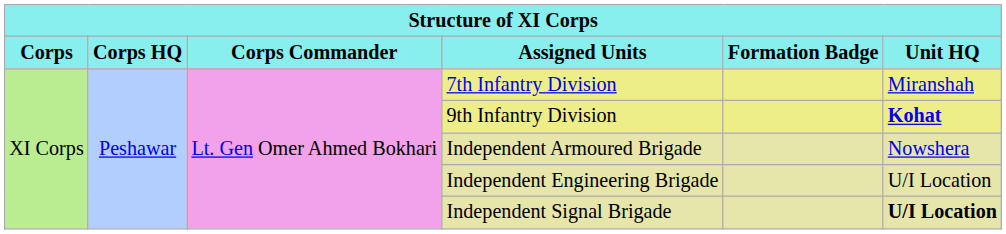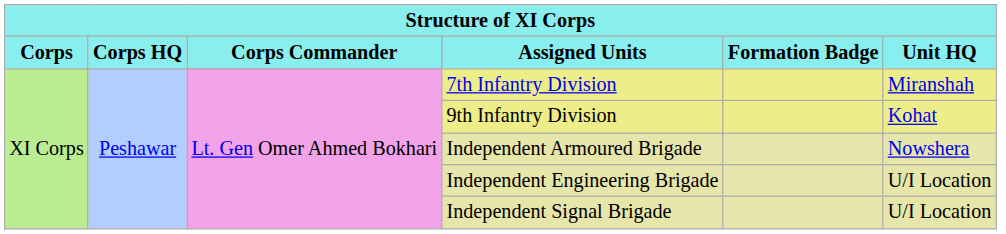 <table class="wikitable">
 <tr>
 <th colspan="10" style="background:#88EEEE;">Structure of XI Corps</th>
 </tr>
 <tr>
 <th style="background:#88EEEE;">Corps</th>
 <th style="background:#88EEEE;">Corps HQ</th>
 <th style="background:#88EEEE;">Corps Commander</th>
 <th style="background:#88EEEE;">Assigned Units</th>
 <th style="background:#88EEEE;">Formation Badge</th>
 <th style="background:#88EEEE;">Unit HQ</th>
 </tr>
 <tr>
 <td rowspan="5" style="background:#baed91;text-align:center">XI Corps</td>
 <td rowspan="5" style="background:#b2cefe;text-align:center"><a href='#'>Peshawar</a></td>
 <td rowspan="5" style="background:#f2a2e8;text-align:center"><a href='#'>Lt. Gen</a> Omer Ahmed Bokhari<br></td>
 <td style="background:#EEEE88;"><a href='#'>7th Infantry Division</a></td>
 <td style="background:#EEEE88;text-align:center"></td>
 <td style="background:#EEEE88;"><a href='#'>Miranshah</a></td>
 </tr>
 <tr>
 <td style="background:#EEEE88;">9th Infantry Division</td>
 <td style="background:#EEEE88;text-align:center"></td>
-<td style="background:#EEEE88;"><strong><a href='#'>Kohat</a></strong></td>
+<td style="background:#EEEE88;"><a href='#'>Kohat</a></td>
 </tr>
 <tr>
 <td style="background:#e6e6aa;">Independent Armoured Brigade</td>
 <td style="background:#e6e6aa;"></td>
 <td style="background:#e6e6aa;"><a href='#'>Nowshera</a></td>
 </tr>
 <tr>
 <td style="background:#e6e6aa;">Independent Engineering Brigade</td>
 <td style="background:#e6e6aa;"></td>
 <td style="background:#e6e6aa;">U/I Location</td>
 </tr>
 <tr>
 <td style="background:#e6e6aa;">Independent Signal Brigade</td>
 <td style="background:#e6e6aa;"></td>
-<td style="background:#e6e6aa;"><strong>U/I Location</strong></td>
+<td style="background:#e6e6aa;">U/I Location</td>
 </tr>
 </table>
